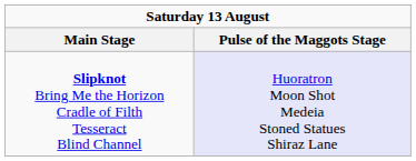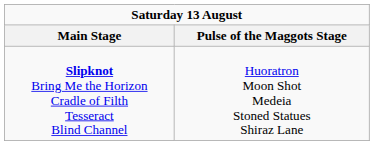 <table class="wikitable">
 <tr>
 <td colspan="4" style="text-align:center;"><strong>Saturday 13 August</strong></td>
 </tr>
 <tr>
 <th>Main Stage</th>
 <th>Pulse of the Maggots Stage</th>
 </tr>
 <tr>
 <td style="text-align:center; vertical-align:top; width:200px;"><br><strong><a href='#'>Slipknot</a></strong><br> <a href='#'>Bring Me the Horizon</a><br> <a href='#'>Cradle of Filth</a><br> <a href='#'>Tesseract</a> <br> <a href='#'>Blind Channel</a><br></td>
-<td style="background: lavender; text-align:center; vertical-align:top; width:230px;"><br><a href='#'>Huoratron</a><br> Moon Shot<br> Medeia<br> Stoned Statues<br> Shiraz Lane</td>
+<td style="text-align:center; vertical-align:top; width:230px;"><br><a href='#'>Huoratron</a><br> Moon Shot<br> Medeia<br> Stoned Statues<br> Shiraz Lane</td>
 </tr>
 </table>
